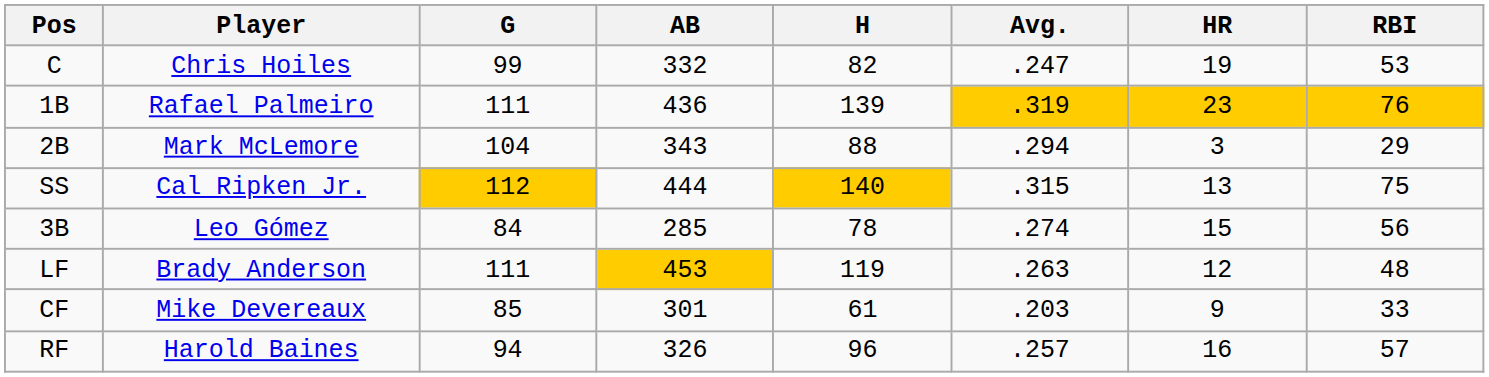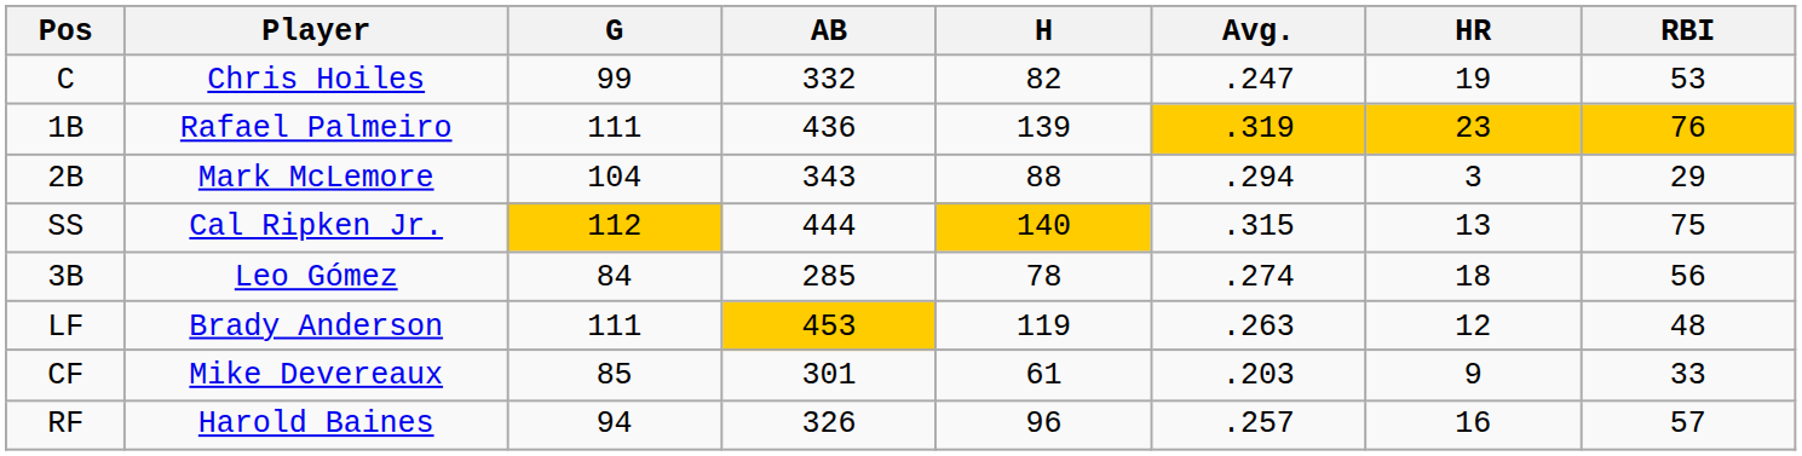 <table class="wikitable sortable">
 <tr>
 <th bgcolor="#DDDDFF" width="5%">Pos</th>
 <th bgcolor="#DDDDFF" width="16%">Player</th>
 <th bgcolor="#DDDDFF" width="9%">G</th>
 <th bgcolor="#DDDDFF" width="9%">AB</th>
 <th bgcolor="#DDDDFF" width="9%">H</th>
 <th bgcolor="#DDDDFF" width="9%">Avg.</th>
 <th bgcolor="#DDDDFF" width="9%">HR</th>
 <th bgcolor="#DDDDFF" width="9%">RBI</th>
 </tr>
 <tr align="center">
 <td>C</td>
 <td><a href='#'>Chris Hoiles</a></td>
 <td>99</td>
 <td>332</td>
 <td>82</td>
 <td>.247</td>
 <td>19</td>
 <td>53</td>
 </tr>
 <tr align=center>
 <td>1B</td>
 <td><a href='#'>Rafael Palmeiro</a></td>
 <td>111</td>
 <td>436</td>
 <td>139</td>
 <td style="background:#fc0;">.319</td>
 <td style="background:#fc0;">23</td>
 <td style="background:#fc0;">76</td>
 </tr>
 <tr align=center>
 <td>2B</td>
 <td><a href='#'>Mark McLemore</a></td>
 <td>104</td>
 <td>343</td>
 <td>88</td>
 <td>.294</td>
 <td>3</td>
 <td>29</td>
 </tr>
 <tr align=center>
 <td>SS</td>
 <td><a href='#'>Cal Ripken Jr.</a></td>
 <td style="background:#fc0;">112</td>
 <td>444</td>
 <td style="background:#fc0;">140</td>
 <td>.315</td>
 <td>13</td>
 <td>75</td>
 </tr>
 <tr align=center>
 <td>3B</td>
 <td><a href='#'>Leo Gómez</a></td>
 <td>84</td>
 <td>285</td>
 <td>78</td>
 <td>.274</td>
-<td>15</td>
+<td>18</td>
 <td>56</td>
 </tr>
 <tr align=center>
 <td>LF</td>
 <td><a href='#'>Brady Anderson</a></td>
 <td>111</td>
 <td style="background:#fc0;">453</td>
 <td>119</td>
 <td>.263</td>
 <td>12</td>
 <td>48</td>
 </tr>
 <tr align=center>
 <td>CF</td>
 <td><a href='#'>Mike Devereaux</a></td>
 <td>85</td>
 <td>301</td>
 <td>61</td>
 <td>.203</td>
 <td>9</td>
 <td>33</td>
 </tr>
 <tr align=center>
 <td>RF</td>
 <td><a href='#'>Harold Baines</a></td>
 <td>94</td>
 <td>326</td>
 <td>96</td>
 <td>.257</td>
 <td>16</td>
 <td>57</td>
 </tr>
 </table>
